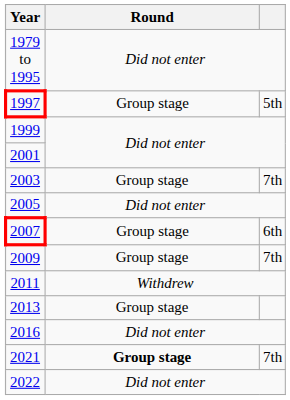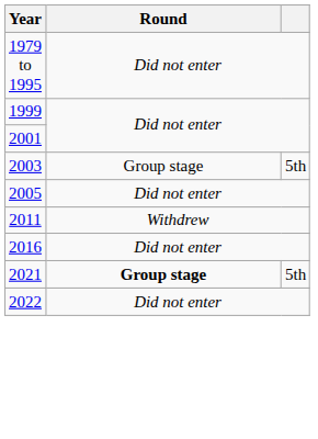 <table class="wikitable" style="text-align: center; font-size:90%">
 <tr>
 <th>Year</th>
 <th style="width:200px">Round</th>
 <th></th>
 </tr>
 <tr>
 <td><a href='#'>1979</a><br>to<br><a href='#'>1995</a></td>
 <td colspan="2"><em>Did not enter</em></td>
 </tr>
 <tr>
-<td style="border: 3px solid red"><a href='#'>1997</a></td>
-<td>Group stage</td>
-<td>5th</td>
-</tr>
-<tr>
 <td><a href='#'>1999</a></td>
 <td colspan="2" rowspan="2"><em>Did not enter</em></td>
 </tr>
 <tr>
 <td><a href='#'>2001</a></td>
 </tr>
 <tr>
 <td><a href='#'>2003</a></td>
 <td>Group stage</td>
-<td>7th</td>
+<td>5th</td>
 </tr>
 <tr>
 <td><a href='#'>2005</a></td>
 <td colspan="2"><em>Did not enter</em></td>
 </tr>
 <tr>
-<td style="border: 3px solid red"><a href='#'>2007</a></td>
-<td>Group stage</td>
-<td>6th</td>
-</tr>
-<tr>
-<td><a href='#'>2009</a></td>
-<td>Group stage</td>
-<td>7th</td>
-</tr>
-<tr>
 <td><a href='#'>2011</a></td>
 <td colspan="2"><em>Withdrew</em></td>
-</tr>
-<tr>
-<td><a href='#'>2013</a></td>
-<td>Group stage</td>
-<td></td>
 </tr>
 <tr>
 <td><a href='#'>2016</a></td>
 <td colspan="2"><em>Did not enter</em></td>
 </tr>
 <tr>
 <td><a href='#'>2021</a></td>
 <td><strong>Group stage</strong></td>
-<td>7th</td>
+<td>5th</td>
 </tr>
 <tr>
 <td><a href='#'>2022</a></td>
 <td colspan="2"><em>Did not enter</em></td>
 </tr>
 </table>
